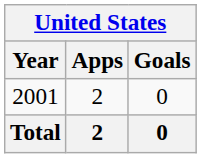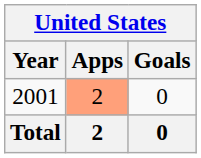 <table class="wikitable" style="text-align:center">
 <tr>
 <th colspan=3><a href='#'>United States</a></th>
 </tr>
 <tr>
 <th>Year</th>
 <th>Apps</th>
 <th>Goals</th>
 </tr>
 <tr>
 <td>2001</td>
-<td>2</td>
+<td style="background: lightsalmon;">2</td>
 <td>0</td>
 </tr>
 <tr>
 <th>Total</th>
 <th>2</th>
 <th>0</th>
 </tr>
 </table>
